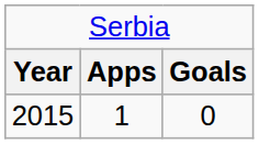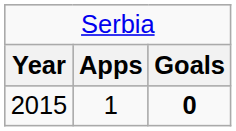 <table class="wikitable" style="text-align:center">
 <tr>
 <td colspan=3><a href='#'>Serbia</a></td>
 </tr>
 <tr>
 <th>Year</th>
 <th>Apps</th>
 <th>Goals</th>
 </tr>
 <tr>
 <td>2015</td>
 <td>1</td>
-<td>0</td>
+<td><strong>0</strong></td>
 </tr>
 </table>
